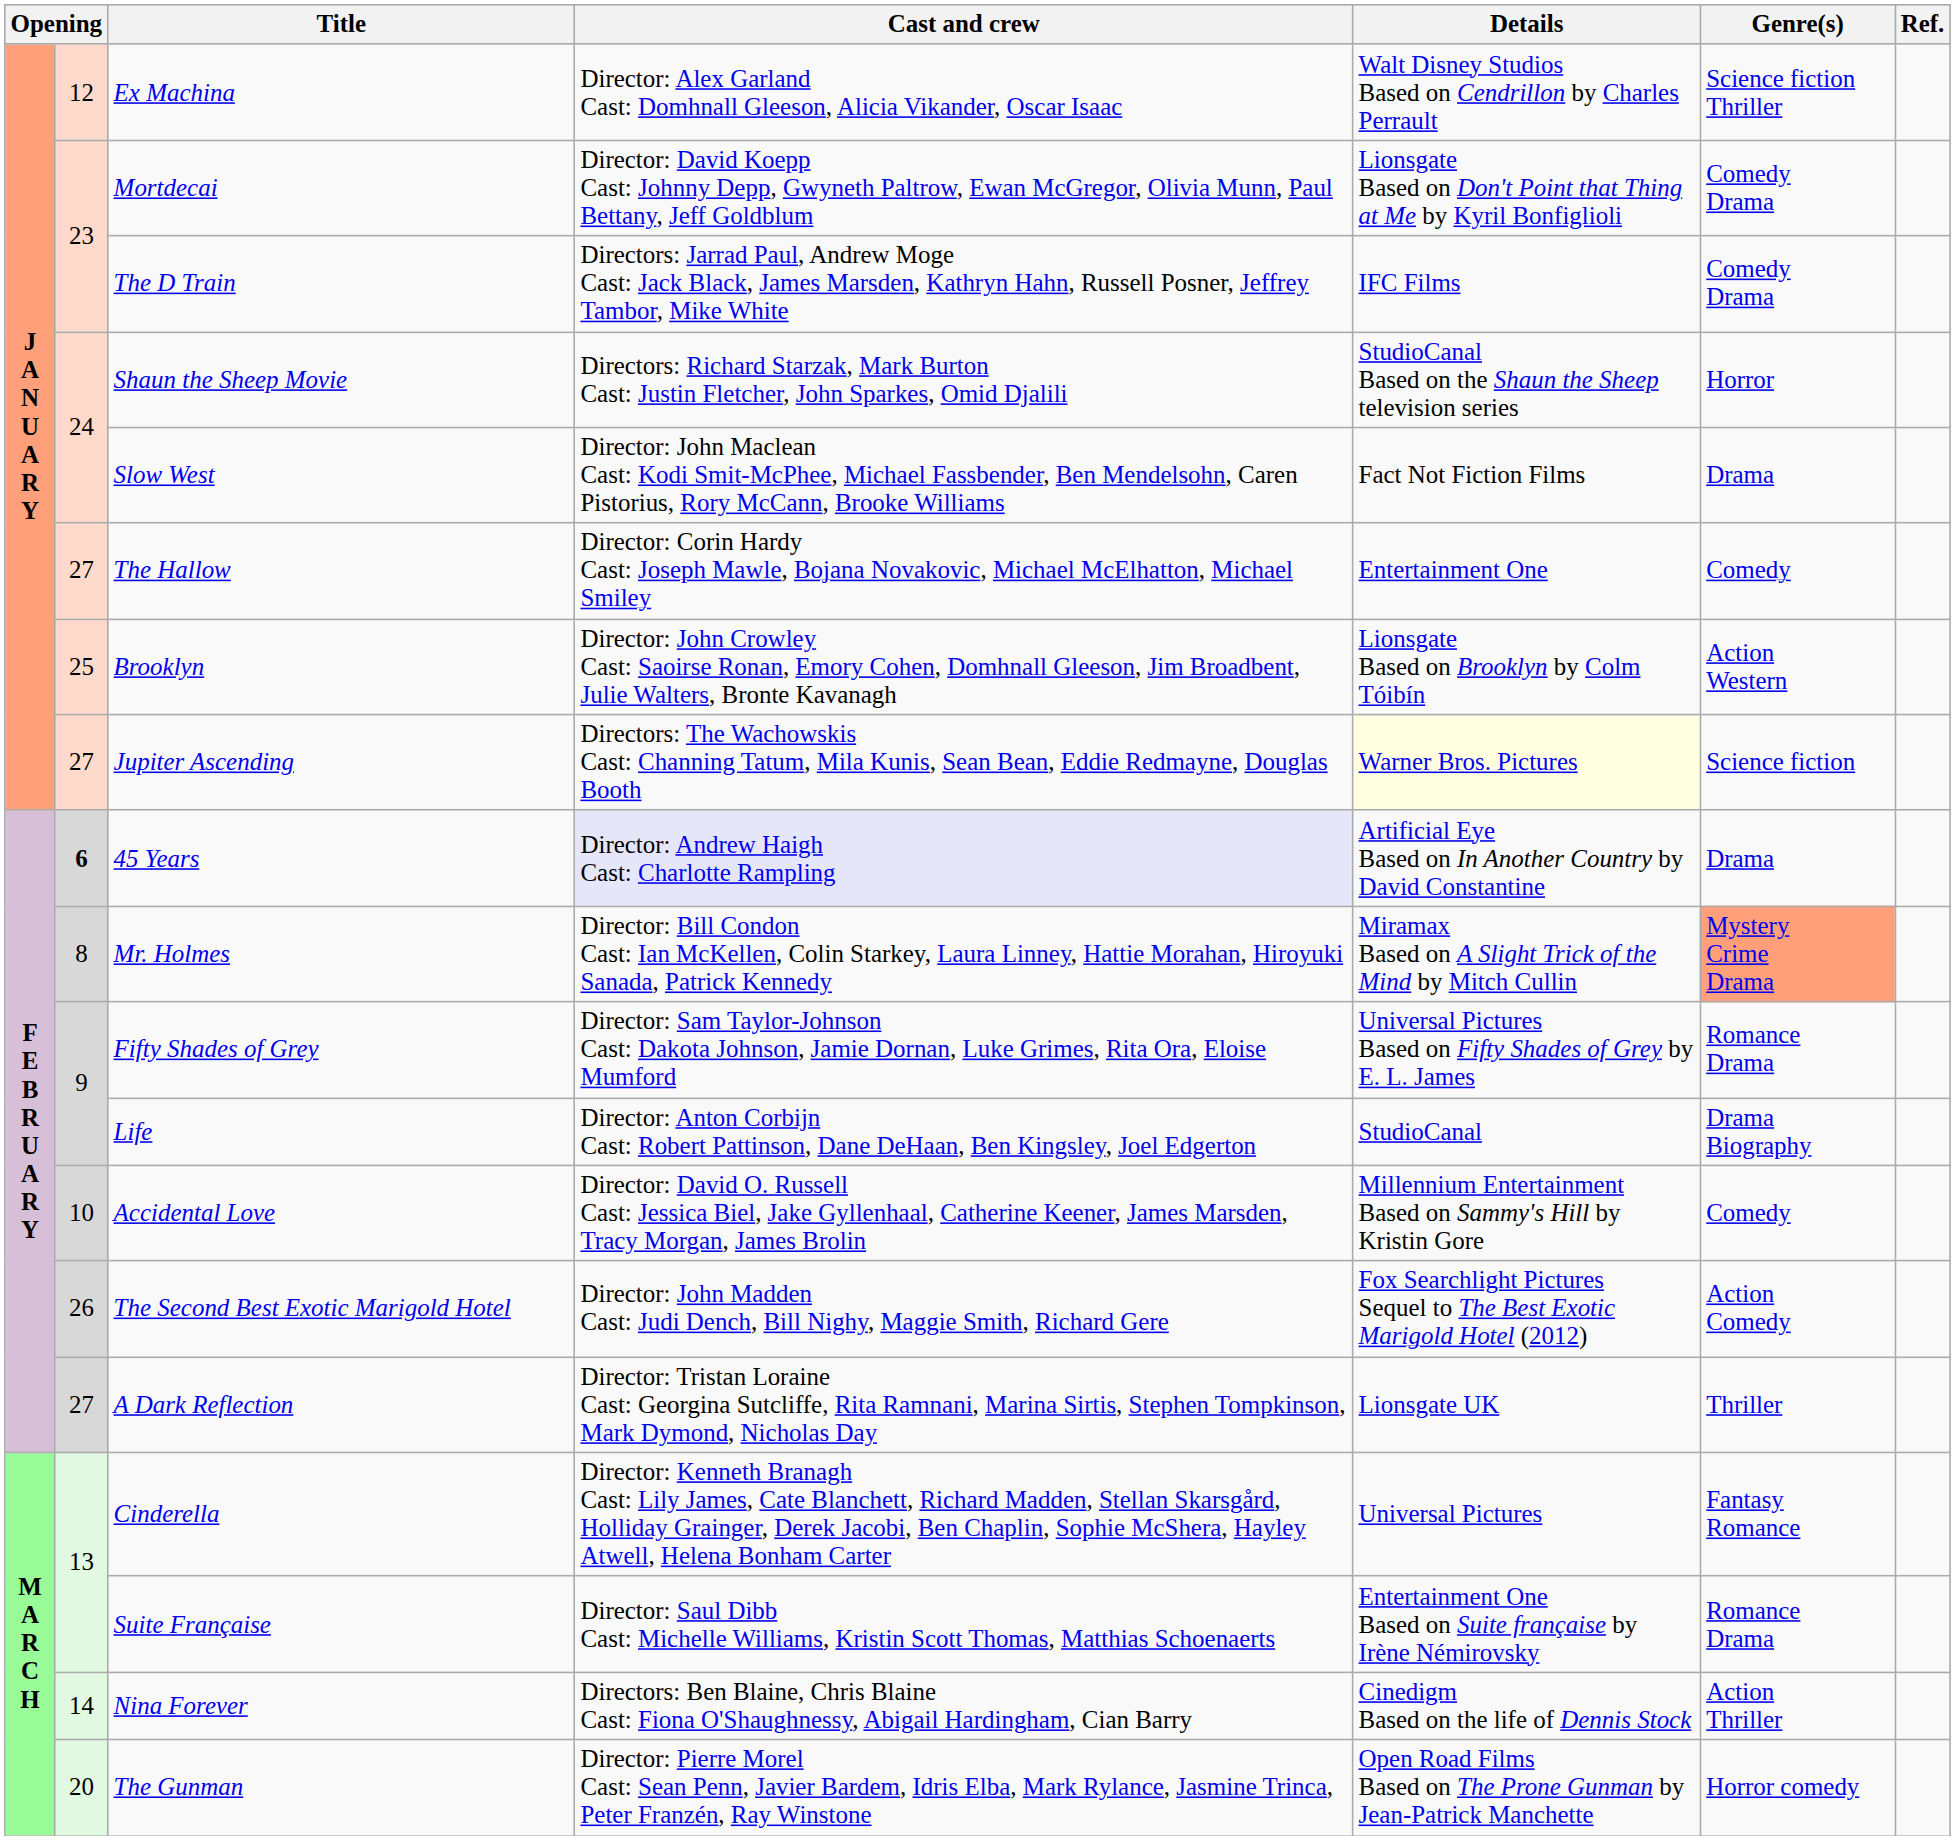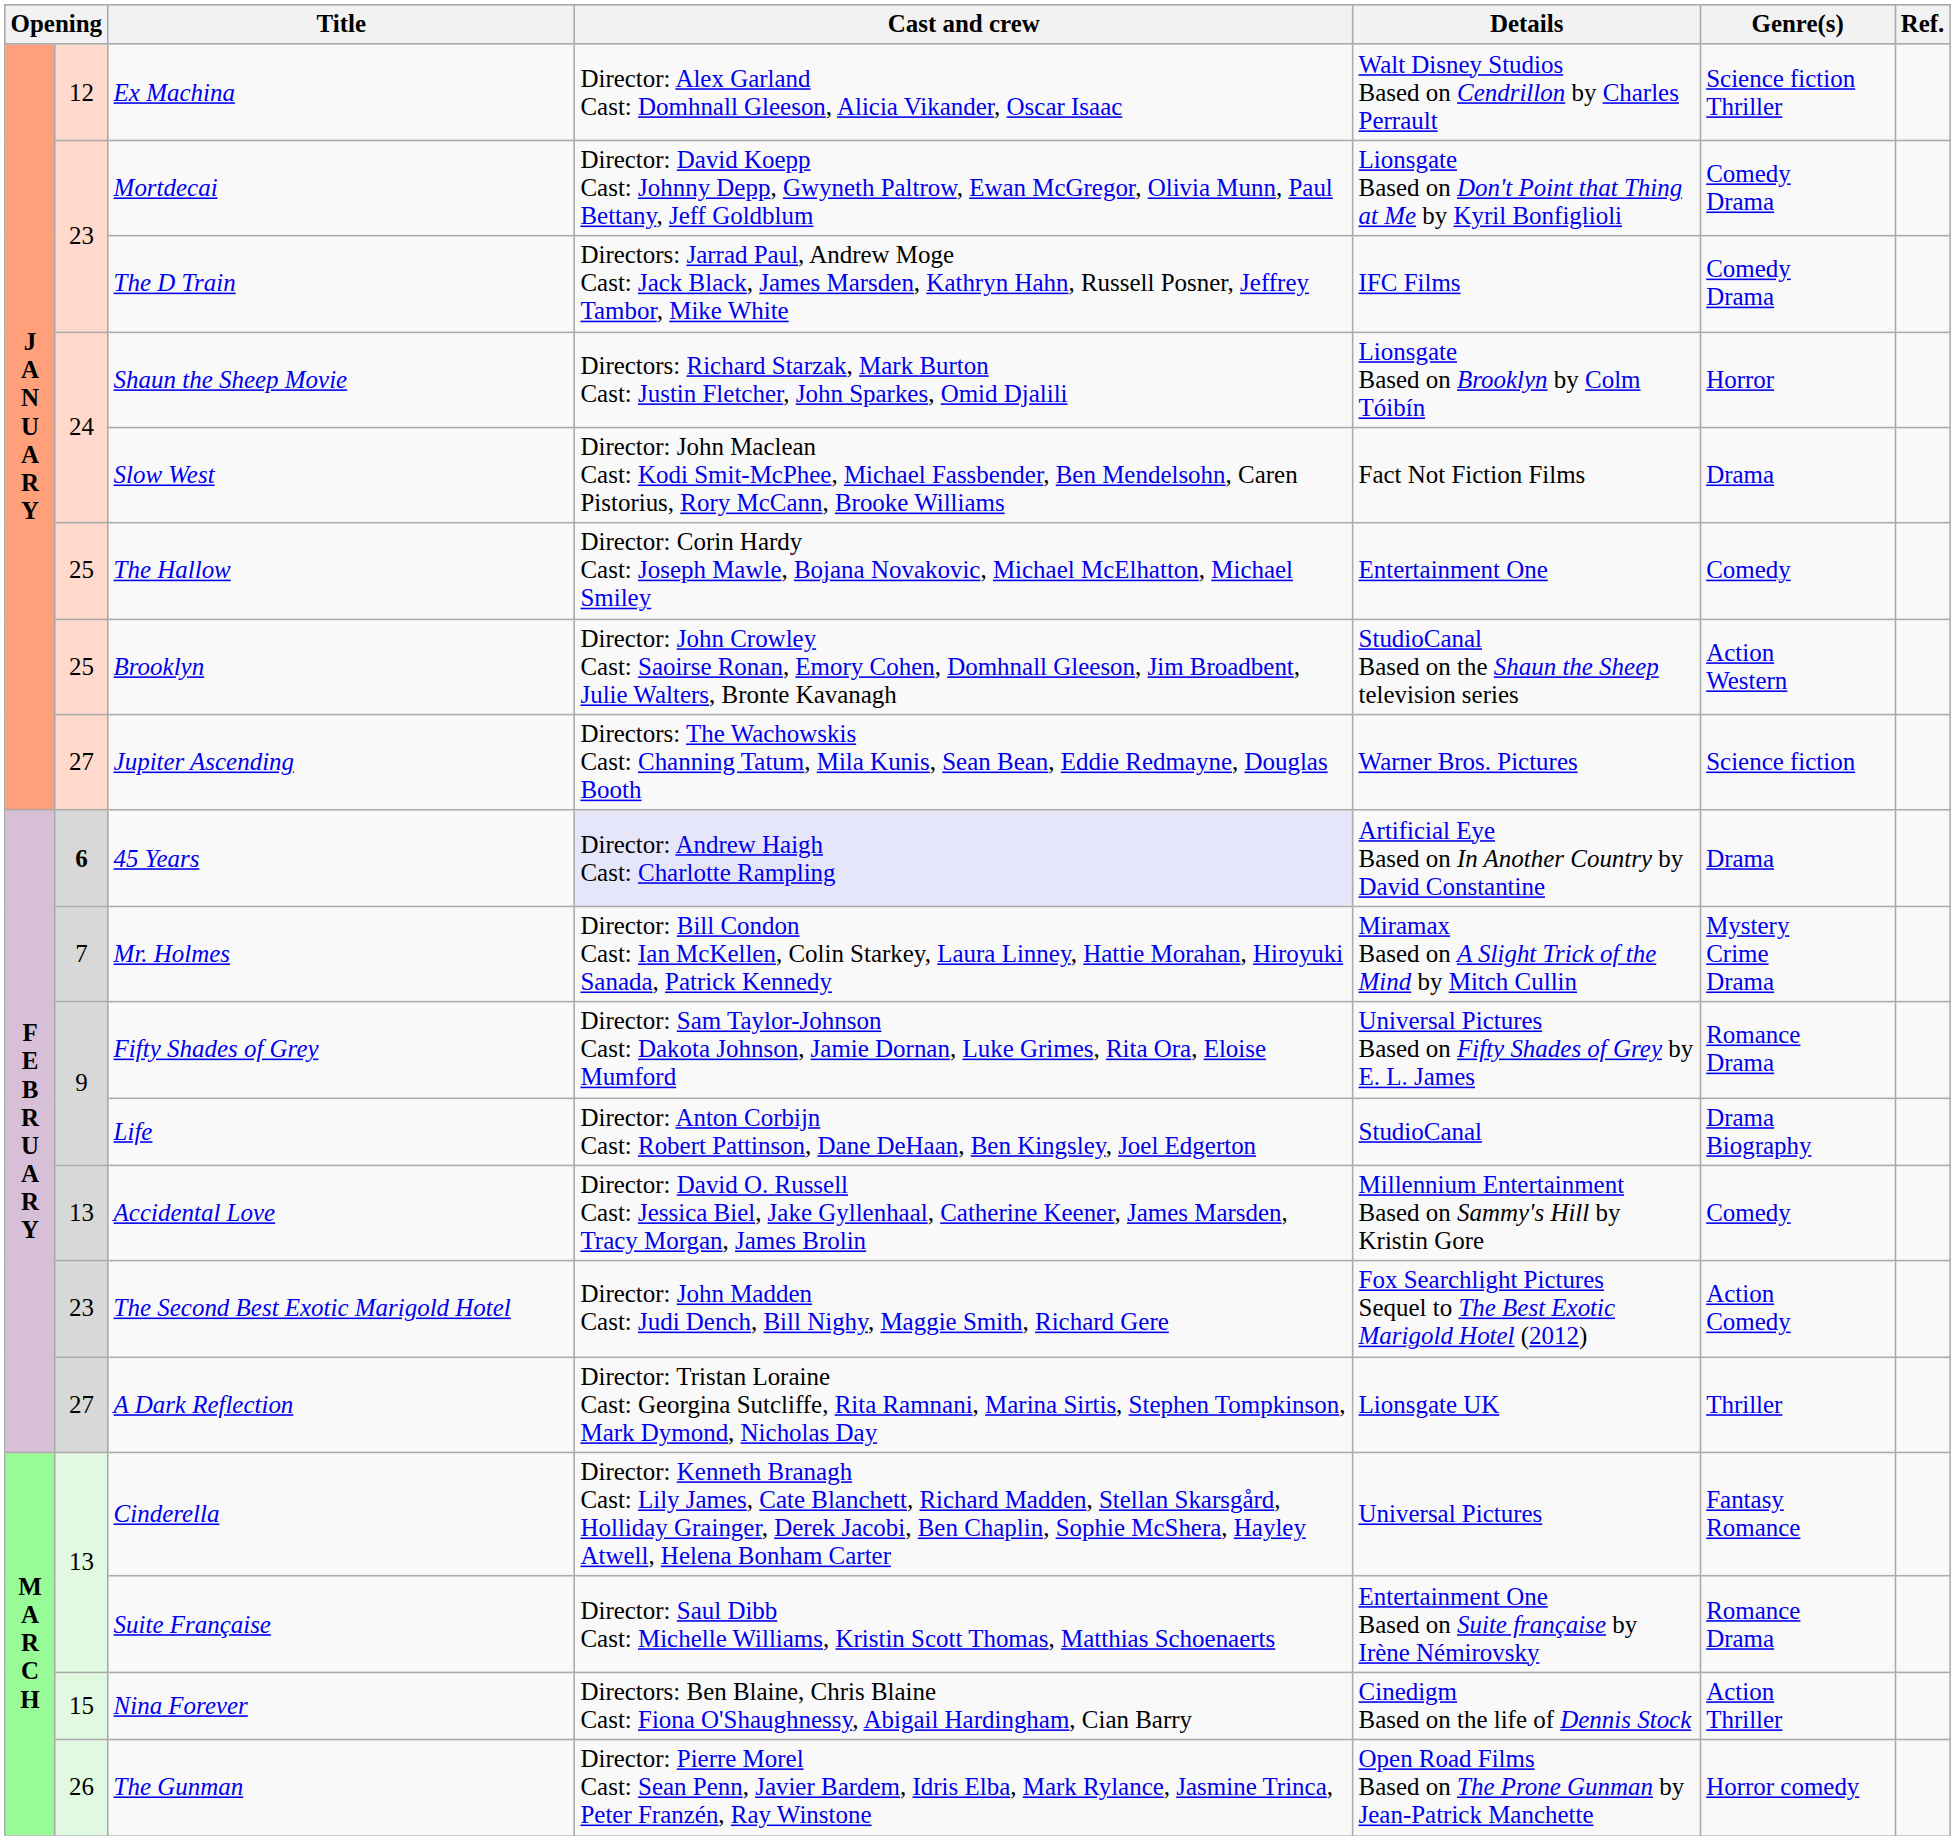 <table class="wikitable">
 <tr style="background:#b0e0e6; text-align:center;">
 <th colspan="2">Opening</th>
 <th style="width:24%;">Title</th>
 <th style="width:40%;">Cast and crew</th>
 <th>Details</th>
 <th style="width:10%;">Genre(s)</th>
 <th style="width:2%;">Ref.</th>
 </tr>
 <tr>
 <th rowspan="8" style="text-align:center; background:#ffa07a; textcolor:#000;">J<br>A<br>N<br>U<br>A<br>R<br>Y</th>
 <td style="text-align:center; background:#ffdacc;">12</td>
 <td><em><a href='#'>Ex Machina</a></em></td>
 <td>Director: <a href='#'>Alex Garland</a> <br> Cast: <a href='#'>Domhnall Gleeson</a>, <a href='#'>Alicia Vikander</a>, <a href='#'>Oscar Isaac</a></td>
 <td><a href='#'>Walt Disney Studios</a> <br> Based on <em><a href='#'>Cendrillon</a></em> by <a href='#'>Charles Perrault</a></td>
 <td><a href='#'>Science fiction</a> <br> <a href='#'>Thriller</a></td>
 <td style="text-align:center"></td>
 </tr>
 <tr>
 <td rowspan="2" style="text-align:center; background:#ffdacc;">23</td>
 <td><em><a href='#'>Mortdecai</a></em></td>
 <td>Director: <a href='#'>David Koepp</a> <br> Cast: <a href='#'>Johnny Depp</a>, <a href='#'>Gwyneth Paltrow</a>, <a href='#'>Ewan McGregor</a>, <a href='#'>Olivia Munn</a>, <a href='#'>Paul Bettany</a>, <a href='#'>Jeff Goldblum</a></td>
 <td><a href='#'>Lionsgate</a> <br> Based on <em><a href='#'>Don't Point that Thing at Me</a></em> by <a href='#'>Kyril Bonfiglioli</a></td>
 <td><a href='#'>Comedy</a> <br> <a href='#'>Drama</a></td>
 <td style="text-align:center"></td>
 </tr>
 <tr>
 <td><em><a href='#'>The D Train</a></em></td>
 <td>Directors: <a href='#'>Jarrad Paul</a>, Andrew Moge <br> Cast: <a href='#'>Jack Black</a>, <a href='#'>James Marsden</a>, <a href='#'>Kathryn Hahn</a>, Russell Posner, <a href='#'>Jeffrey Tambor</a>, <a href='#'>Mike White</a></td>
 <td><a href='#'>IFC Films</a></td>
 <td><a href='#'>Comedy</a> <br> <a href='#'>Drama</a></td>
 <td style="text-align:center"></td>
 </tr>
 <tr>
 <td rowspan="2" style="text-align:center; background:#ffdacc;">24</td>
 <td><em><a href='#'>Shaun the Sheep Movie</a></em></td>
 <td>Directors: <a href='#'>Richard Starzak</a>, <a href='#'>Mark Burton</a> <br> Cast: <a href='#'>Justin Fletcher</a>, <a href='#'>John Sparkes</a>, <a href='#'>Omid Djalili</a></td>
-<td><a href='#'>StudioCanal</a> <br> Based on the <em><a href='#'>Shaun the Sheep</a></em> television series</td>
+<td><a href='#'>Lionsgate</a> <br> Based on <em><a href='#'>Brooklyn</a></em> by <a href='#'>Colm Tóibín</a></td>
 <td><a href='#'>Horror</a></td>
 <td style="text-align:center"></td>
 </tr>
 <tr>
 <td><em><a href='#'>Slow West</a></em></td>
 <td>Director: John Maclean <br> Cast: <a href='#'>Kodi Smit-McPhee</a>, <a href='#'>Michael Fassbender</a>, <a href='#'>Ben Mendelsohn</a>, Caren Pistorius, <a href='#'>Rory McCann</a>, <a href='#'>Brooke Williams</a></td>
 <td>Fact Not Fiction Films</td>
 <td><a href='#'>Drama</a></td>
 <td style="text-align:center"></td>
 </tr>
 <tr>
-<td style="text-align:center; background:#ffdacc;">27</td>
+<td style="text-align:center; background:#ffdacc;">25</td>
 <td><em><a href='#'>The Hallow</a></em></td>
 <td>Director: Corin Hardy <br> Cast: <a href='#'>Joseph Mawle</a>, <a href='#'>Bojana Novakovic</a>, <a href='#'>Michael McElhatton</a>, <a href='#'>Michael Smiley</a></td>
 <td><a href='#'>Entertainment One</a></td>
 <td><a href='#'>Comedy</a></td>
 <td style="text-align:center"></td>
 </tr>
 <tr>
 <td style="text-align:center; background:#ffdacc;">25</td>
 <td><em><a href='#'>Brooklyn</a></em></td>
 <td>Director: <a href='#'>John Crowley</a> <br> Cast: <a href='#'>Saoirse Ronan</a>, <a href='#'>Emory Cohen</a>, <a href='#'>Domhnall Gleeson</a>, <a href='#'>Jim Broadbent</a>, <a href='#'>Julie Walters</a>, Bronte Kavanagh</td>
-<td><a href='#'>Lionsgate</a> <br> Based on <em><a href='#'>Brooklyn</a></em> by <a href='#'>Colm Tóibín</a></td>
+<td><a href='#'>StudioCanal</a> <br> Based on the <em><a href='#'>Shaun the Sheep</a></em> television series</td>
 <td><a href='#'>Action</a> <br> <a href='#'>Western</a></td>
 <td style="text-align:center"></td>
 </tr>
 <tr>
 <td style="text-align:center; background:#ffdacc;">27</td>
 <td><em><a href='#'>Jupiter Ascending</a></em></td>
 <td>Directors: <a href='#'>The Wachowskis</a> <br> Cast: <a href='#'>Channing Tatum</a>, <a href='#'>Mila Kunis</a>, <a href='#'>Sean Bean</a>, <a href='#'>Eddie Redmayne</a>, <a href='#'>Douglas Booth</a></td>
-<td style="background: lightyellow;"><a href='#'>Warner Bros. Pictures</a></td>
+<td><a href='#'>Warner Bros. Pictures</a></td>
 <td><a href='#'>Science fiction</a></td>
 <td style="text-align:center"></td>
 </tr>
 <tr>
 <th rowspan="7" style="text-align:center; background:thistle; textcolor:#000;">F<br>E<br>B<br>R<br>U<br>A<br>R<br>Y</th>
 <td style="text-align:center; background:#d8d8d8;"><strong>6</strong></td>
 <td><em><a href='#'>45 Years</a></em></td>
 <td style="background: lavender;">Director: <a href='#'>Andrew Haigh</a> <br> Cast: <a href='#'>Charlotte Rampling</a></td>
 <td><a href='#'>Artificial Eye</a> <br> Based on <em>In Another Country</em> by <a href='#'>David Constantine</a></td>
 <td><a href='#'>Drama</a></td>
 <td style="text-align:center"></td>
 </tr>
 <tr>
-<td style="text-align:center; background:#d8d8d8;">8</td>
+<td style="text-align:center; background:#d8d8d8;">7</td>
 <td><em><a href='#'>Mr. Holmes</a></em></td>
 <td>Director: <a href='#'>Bill Condon</a> <br> Cast: <a href='#'>Ian McKellen</a>, Colin Starkey, <a href='#'>Laura Linney</a>, <a href='#'>Hattie Morahan</a>, <a href='#'>Hiroyuki Sanada</a>, <a href='#'>Patrick Kennedy</a></td>
 <td><a href='#'>Miramax</a> <br> Based on <em><a href='#'>A Slight Trick of the Mind</a></em> by <a href='#'>Mitch Cullin</a></td>
-<td style="background: lightsalmon;"><a href='#'>Mystery</a> <br> <a href='#'>Crime</a> <br> <a href='#'>Drama</a></td>
+<td><a href='#'>Mystery</a> <br> <a href='#'>Crime</a> <br> <a href='#'>Drama</a></td>
 <td style="text-align:center"></td>
 </tr>
 <tr>
 <td rowspan="2" style="text-align:center; background:#d8d8d8;">9</td>
 <td><em><a href='#'>Fifty Shades of Grey</a></em></td>
 <td>Director: <a href='#'>Sam Taylor-Johnson</a> <br> Cast: <a href='#'>Dakota Johnson</a>, <a href='#'>Jamie Dornan</a>, <a href='#'>Luke Grimes</a>, <a href='#'>Rita Ora</a>, <a href='#'>Eloise Mumford</a></td>
 <td><a href='#'>Universal Pictures</a> <br> Based on <em><a href='#'>Fifty Shades of Grey</a></em> by <a href='#'>E. L. James</a></td>
 <td><a href='#'>Romance</a> <br> <a href='#'>Drama</a></td>
 <td style="text-align:center"></td>
 </tr>
 <tr>
 <td><em><a href='#'>Life</a></em></td>
 <td>Director: <a href='#'>Anton Corbijn</a> <br> Cast: <a href='#'>Robert Pattinson</a>, <a href='#'>Dane DeHaan</a>, <a href='#'>Ben Kingsley</a>, <a href='#'>Joel Edgerton</a></td>
 <td><a href='#'>StudioCanal</a></td>
 <td><a href='#'>Drama</a> <br> <a href='#'>Biography</a></td>
 <td style="text-align:center"></td>
 </tr>
 <tr>
-<td style="text-align:center; background:#d8d8d8;">10</td>
+<td style="text-align:center; background:#d8d8d8;">13</td>
 <td><em><a href='#'>Accidental Love</a></em></td>
 <td>Director: <a href='#'>David O. Russell</a> <br> Cast: <a href='#'>Jessica Biel</a>, <a href='#'>Jake Gyllenhaal</a>, <a href='#'>Catherine Keener</a>, <a href='#'>James Marsden</a>, <a href='#'>Tracy Morgan</a>, <a href='#'>James Brolin</a></td>
 <td><a href='#'>Millennium Entertainment</a> <br> Based on <em>Sammy's Hill</em> by Kristin Gore</td>
 <td><a href='#'>Comedy</a></td>
 <td style="text-align:center"></td>
 </tr>
 <tr>
-<td style="text-align:center; background:#d8d8d8;">26</td>
+<td style="text-align:center; background:#d8d8d8;">23</td>
 <td><em><a href='#'>The Second Best Exotic Marigold Hotel</a></em></td>
 <td>Director: <a href='#'>John Madden</a> <br> Cast: <a href='#'>Judi Dench</a>, <a href='#'>Bill Nighy</a>, <a href='#'>Maggie Smith</a>, <a href='#'>Richard Gere</a></td>
 <td><a href='#'>Fox Searchlight Pictures</a> <br> Sequel to <em><a href='#'>The Best Exotic Marigold Hotel</a></em> (<a href='#'>2012</a>)</td>
 <td><a href='#'>Action</a> <br> <a href='#'>Comedy</a></td>
 <td style="text-align:center"></td>
 </tr>
 <tr>
 <td style="text-align:center; background:#d8d8d8;">27</td>
 <td><em><a href='#'>A Dark Reflection</a></em></td>
 <td>Director: Tristan Loraine <br> Cast: Georgina Sutcliffe, <a href='#'>Rita Ramnani</a>, <a href='#'>Marina Sirtis</a>, <a href='#'>Stephen Tompkinson</a>, <a href='#'>Mark Dymond</a>, <a href='#'>Nicholas Day</a></td>
 <td><a href='#'>Lionsgate UK</a></td>
 <td><a href='#'>Thriller</a></td>
 <td style="text-align:center"></td>
 </tr>
 <tr>
 <th rowspan="4" style="text-align:center; background:#98fb98; textcolor:#000;">M<br>A<br>R<br>C<br>H</th>
 <td rowspan="2" style="text-align:center; background:#e0f9e0;">13</td>
 <td><em><a href='#'>Cinderella</a></em></td>
 <td>Director: <a href='#'>Kenneth Branagh</a> <br> Cast: <a href='#'>Lily James</a>, <a href='#'>Cate Blanchett</a>, <a href='#'>Richard Madden</a>, <a href='#'>Stellan Skarsgård</a>, <a href='#'>Holliday Grainger</a>, <a href='#'>Derek Jacobi</a>, <a href='#'>Ben Chaplin</a>, <a href='#'>Sophie McShera</a>, <a href='#'>Hayley Atwell</a>, <a href='#'>Helena Bonham Carter</a></td>
 <td><a href='#'>Universal Pictures</a></td>
 <td><a href='#'>Fantasy</a> <br> <a href='#'>Romance</a></td>
 <td style="text-align:center"></td>
 </tr>
 <tr>
 <td><em><a href='#'>Suite Française</a></em></td>
 <td>Director: <a href='#'>Saul Dibb</a> <br> Cast: <a href='#'>Michelle Williams</a>, <a href='#'>Kristin Scott Thomas</a>, <a href='#'>Matthias Schoenaerts</a></td>
 <td><a href='#'>Entertainment One</a> <br> Based on <em><a href='#'>Suite française</a></em> by <a href='#'>Irène Némirovsky</a></td>
 <td><a href='#'>Romance</a> <br> <a href='#'>Drama</a></td>
 <td style="text-align:center"></td>
 </tr>
 <tr>
-<td style="text-align:center; background:#e0f9e0;">14</td>
+<td style="text-align:center; background:#e0f9e0;">15</td>
 <td><em><a href='#'>Nina Forever</a></em></td>
 <td>Directors: Ben Blaine, Chris Blaine <br> Cast: <a href='#'>Fiona O'Shaughnessy</a>, <a href='#'>Abigail Hardingham</a>, Cian Barry</td>
 <td><a href='#'>Cinedigm</a> <br> Based on the life of <em><a href='#'>Dennis Stock</a></em></td>
 <td><a href='#'>Action</a> <br> <a href='#'>Thriller</a></td>
 <td style="text-align:center"></td>
 </tr>
 <tr>
-<td style="text-align:center; background:#e0f9e0;">20</td>
+<td style="text-align:center; background:#e0f9e0;">26</td>
 <td><em><a href='#'>The Gunman</a></em></td>
 <td>Director: <a href='#'>Pierre Morel</a> <br> Cast: <a href='#'>Sean Penn</a>, <a href='#'>Javier Bardem</a>, <a href='#'>Idris Elba</a>, <a href='#'>Mark Rylance</a>, <a href='#'>Jasmine Trinca</a>, <a href='#'>Peter Franzén</a>, <a href='#'>Ray Winstone</a></td>
 <td><a href='#'>Open Road Films</a> <br> Based on <em><a href='#'>The Prone Gunman</a></em> by <a href='#'>Jean-Patrick Manchette</a></td>
 <td><a href='#'>Horror comedy</a></td>
 <td style="text-align:center"></td>
 </tr>
 </table>
